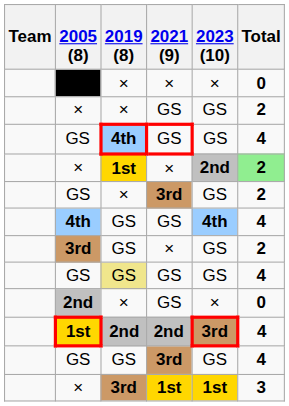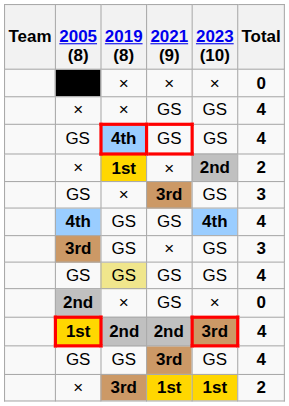 <table class="wikitable" style="text-align: center;">
 <tr>
 <th>Team</th>
 <th> <br> <a href='#'>2005</a> <br> (8)</th>
 <th> <br> <a href='#'>2019</a> <br> (8)</th>
 <th> <br> <a href='#'>2021</a> <br> (9)</th>
 <th> <br> <a href='#'>2023</a> <br> (10)</th>
 <th>Total</th>
 </tr>
 <tr>
 <td align=left></td>
 <td bgcolor=black></td>
 <td>×</td>
 <td>×</td>
 <td>×</td>
 <td><strong>0</strong></td>
 </tr>
 <tr>
 <td align=left></td>
 <td>×</td>
 <td>×</td>
 <td>GS</td>
 <td>GS</td>
-<td><strong>2</strong></td>
+<td><strong>4</strong></td>
 </tr>
 <tr>
 <td align=left></td>
 <td>GS</td>
 <td style="border:3px solid red;" bgcolor=9acdff><strong>4th</strong></td>
 <td style="border:3px solid red;">GS</td>
 <td>GS</td>
 <td><strong>4</strong></td>
 </tr>
 <tr>
 <td align=left></td>
 <td>×</td>
 <td bgcolor=gold><strong>1st</strong></td>
 <td>×</td>
 <td bgcolor=silver><strong>2nd</strong></td>
-<td style="background: lightgreen;"><strong>2</strong></td>
+<td><strong>2</strong></td>
 </tr>
 <tr>
 <td align=left></td>
 <td>GS</td>
 <td>×</td>
 <td bgcolor=cc9966><strong>3rd</strong></td>
 <td>GS</td>
-<td><strong>2</strong></td>
+<td><strong>3</strong></td>
 </tr>
 <tr>
 <td align=left></td>
 <td bgcolor=9acdff><strong>4th</strong></td>
 <td>GS</td>
 <td>GS</td>
 <td bgcolor=9acdff><strong>4th</strong></td>
 <td><strong>4</strong></td>
 </tr>
 <tr>
 <td align=left></td>
 <td bgcolor=cc9966><strong>3rd</strong></td>
 <td>GS</td>
 <td>×</td>
 <td>GS</td>
-<td><strong>2</strong></td>
+<td><strong>3</strong></td>
 </tr>
 <tr>
 <td align=left></td>
 <td>GS</td>
 <td style="background: khaki;">GS</td>
 <td>GS</td>
 <td>GS</td>
 <td><strong>4</strong></td>
 </tr>
 <tr>
 <td align=left></td>
 <td bgcolor=silver><strong>2nd</strong></td>
 <td>×</td>
 <td>GS</td>
 <td>×</td>
 <td><strong>0</strong></td>
 </tr>
 <tr>
 <td align=left></td>
 <td style="border:3px solid red;" bgcolor=gold><strong>1st</strong></td>
 <td bgcolor=silver><strong>2nd</strong></td>
 <td bgcolor=silver><strong>2nd</strong></td>
 <td style="border:3px solid red;" bgcolor=cc9966><strong>3rd</strong></td>
 <td><strong>4</strong></td>
 </tr>
 <tr>
 <td align=left></td>
 <td>GS</td>
 <td>GS</td>
 <td bgcolor=cc9966><strong>3rd</strong></td>
 <td>GS</td>
 <td><strong>4</strong></td>
 </tr>
 <tr>
 <td align=left></td>
 <td>×</td>
 <td bgcolor=cc9966><strong>3rd</strong></td>
 <td bgcolor=gold><strong>1st</strong></td>
 <td bgcolor=gold><strong>1st</strong></td>
-<td><strong>3</strong></td>
+<td><strong>2</strong></td>
 </tr>
 </table>
